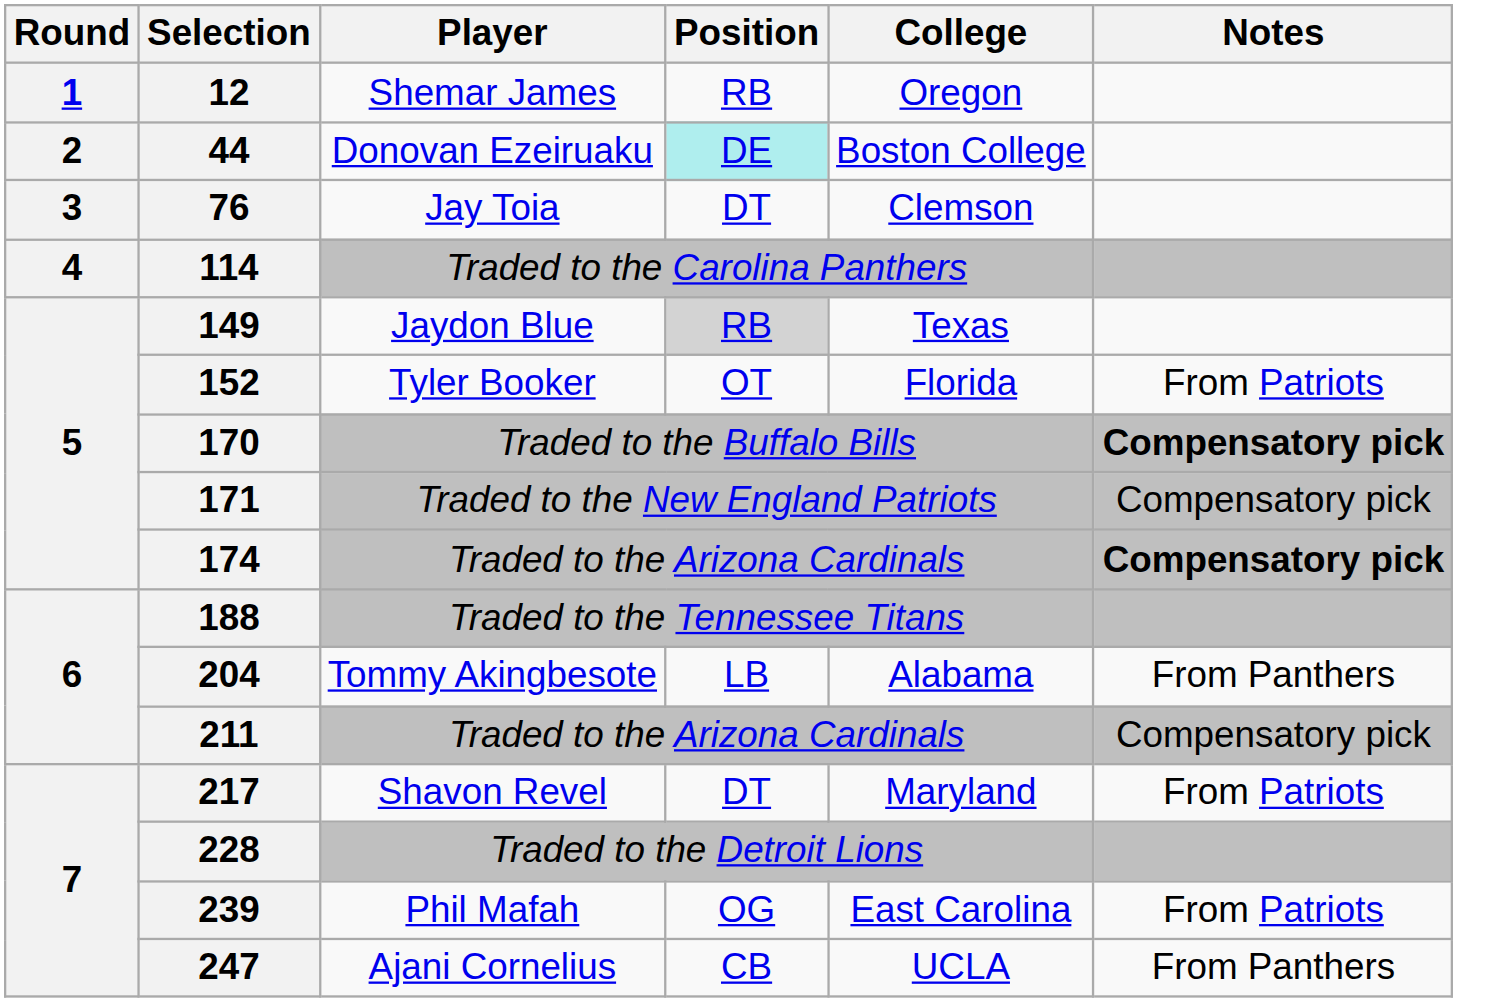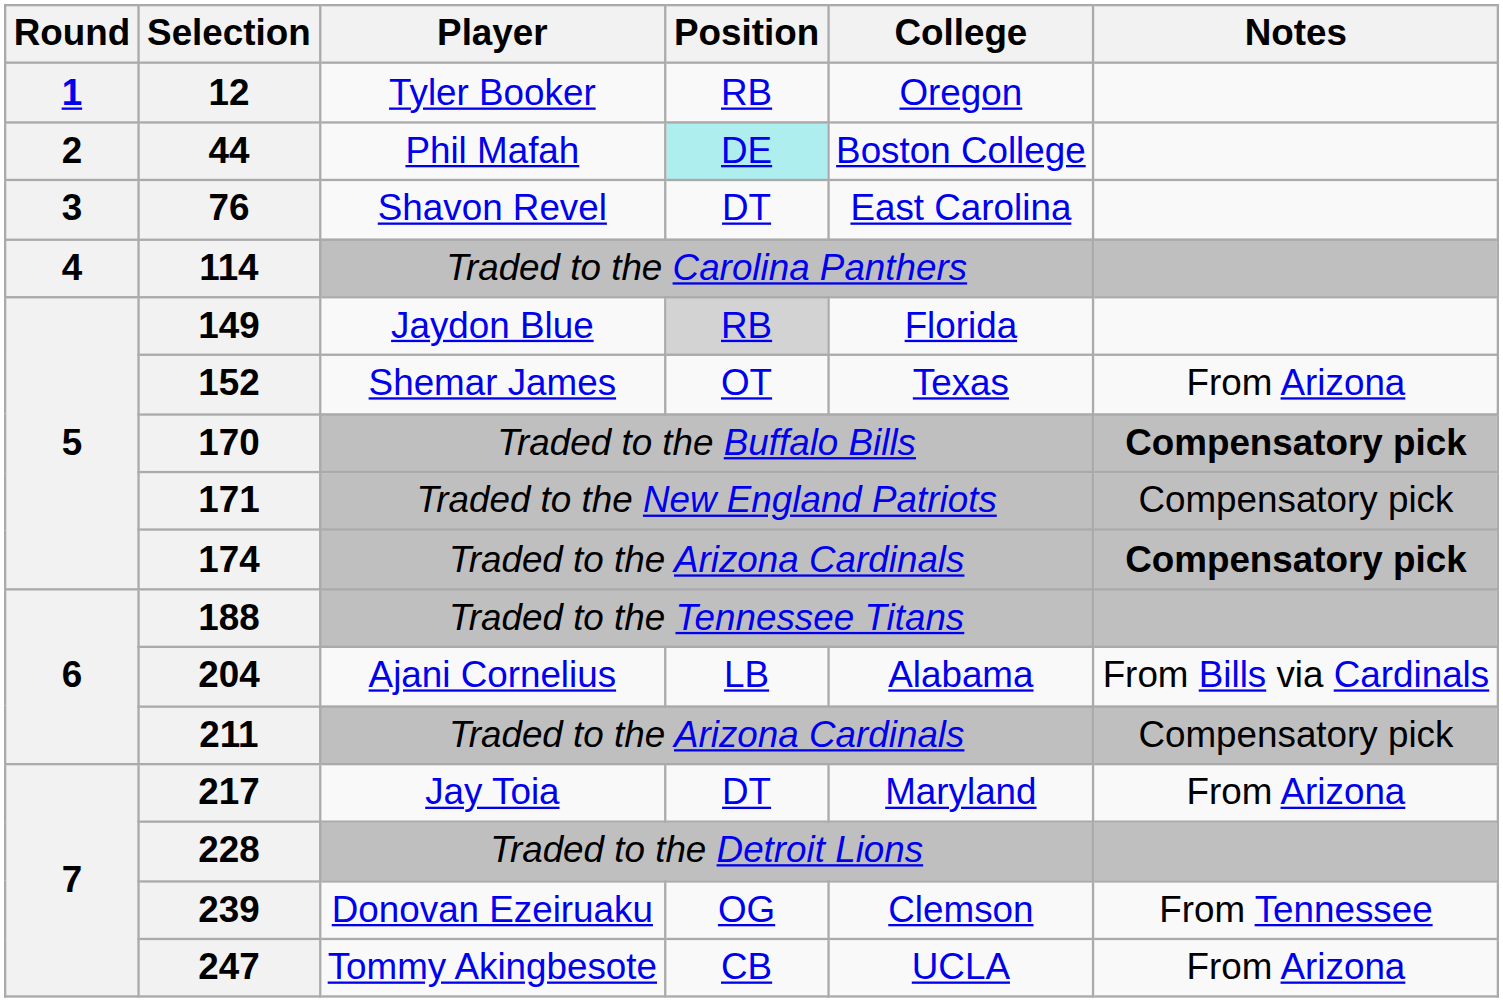 <table class="wikitable" style="text-align:center">
 <tr>
 <th>Round</th>
 <th>Selection</th>
 <th>Player</th>
 <th>Position</th>
 <th>College</th>
 <th>Notes</th>
 </tr>
 <tr>
 <th><a href='#'>1</a></th>
 <th>12</th>
-<td><a href='#'>Shemar James</a></td>
+<td><a href='#'>Tyler Booker</a></td>
 <td><a href='#'>RB</a></td>
 <td><a href='#'>Oregon</a></td>
 <td></td>
 </tr>
 <tr>
 <th>2</th>
 <th>44</th>
-<td><a href='#'>Donovan Ezeiruaku</a></td>
+<td><a href='#'>Phil Mafah</a></td>
 <td style="background: paleturquoise;"><a href='#'>DE</a></td>
 <td><a href='#'>Boston College</a></td>
 <td></td>
 </tr>
 <tr>
 <th>3</th>
 <th>76</th>
-<td><a href='#'>Jay Toia</a></td>
+<td><a href='#'>Shavon Revel</a></td>
 <td><a href='#'>DT</a></td>
-<td><a href='#'>Clemson</a></td>
+<td><a href='#'>East Carolina</a></td>
 <td></td>
 </tr>
 <tr>
 <th>4</th>
 <th>114</th>
 <td colspan="3" style="background:#BFBFBF"><em>Traded to the <a href='#'>Carolina Panthers</a></em></td>
 <td style="background:#BFBFBF"></td>
 </tr>
 <tr>
 <th rowspan="5">5</th>
 <th>149</th>
 <td><a href='#'>Jaydon Blue</a></td>
 <td style="background: lightgrey;"><a href='#'>RB</a></td>
-<td><a href='#'>Texas</a></td>
+<td><a href='#'>Florida</a></td>
 <td></td>
 </tr>
 <tr>
 <th>152</th>
-<td><a href='#'>Tyler Booker</a></td>
+<td><a href='#'>Shemar James</a></td>
 <td><a href='#'>OT</a></td>
-<td><a href='#'>Florida</a></td>
-<td>From <a href='#'>Patriots</a></td>
+<td><a href='#'>Texas</a></td>
+<td>From <a href='#'>Arizona</a></td>
 </tr>
 <tr>
 <th>170</th>
 <td colspan="3" style="background:#BFBFBF"><em>Traded to the <a href='#'>Buffalo Bills</a></em></td>
 <td style="background:#BFBFBF"><strong>Compensatory pick</strong></td>
 </tr>
 <tr>
 <th>171</th>
 <td colspan="3" style="background:#BFBFBF"><em>Traded to the <a href='#'>New England Patriots</a></em></td>
 <td style="background:#BFBFBF">Compensatory pick</td>
 </tr>
 <tr>
 <th>174</th>
 <td colspan="3" style="background:#BFBFBF"><em>Traded to the <a href='#'>Arizona Cardinals</a></em></td>
 <td style="background:#BFBFBF"><strong>Compensatory pick</strong></td>
 </tr>
 <tr>
 <th rowspan="3">6</th>
 <th>188</th>
 <td colspan="3" style="background:#BFBFBF"><em>Traded to the <a href='#'>Tennessee Titans</a></em></td>
 <td style="background:#BFBFBF"></td>
 </tr>
 <tr>
 <th>204</th>
-<td><a href='#'>Tommy Akingbesote</a></td>
+<td><a href='#'>Ajani Cornelius</a></td>
 <td><a href='#'>LB</a></td>
 <td><a href='#'>Alabama</a></td>
-<td>From Panthers</td>
+<td>From <a href='#'>Bills</a> via <a href='#'>Cardinals</a></td>
 </tr>
 <tr>
 <th>211</th>
 <td colspan="3" style="background:#BFBFBF"><em>Traded to the <a href='#'>Arizona Cardinals</a></em></td>
 <td style="background:#BFBFBF">Compensatory pick</td>
 </tr>
 <tr>
 <th rowspan="4">7</th>
 <th>217</th>
-<td><a href='#'>Shavon Revel</a></td>
+<td><a href='#'>Jay Toia</a></td>
 <td><a href='#'>DT</a></td>
 <td><a href='#'>Maryland</a></td>
-<td>From <a href='#'>Patriots</a></td>
+<td>From <a href='#'>Arizona</a></td>
 </tr>
 <tr>
 <th>228</th>
 <td colspan="3" style="background:#BFBFBF"><em>Traded to the <a href='#'>Detroit Lions</a></em></td>
 <td style="background:#BFBFBF"></td>
 </tr>
 <tr>
 <th>239</th>
-<td><a href='#'>Phil Mafah</a></td>
+<td><a href='#'>Donovan Ezeiruaku</a></td>
 <td><a href='#'>OG</a></td>
-<td><a href='#'>East Carolina</a></td>
-<td>From <a href='#'>Patriots</a></td>
+<td><a href='#'>Clemson</a></td>
+<td>From <a href='#'>Tennessee</a></td>
 </tr>
 <tr>
 <th>247</th>
-<td><a href='#'>Ajani Cornelius</a></td>
+<td><a href='#'>Tommy Akingbesote</a></td>
 <td><a href='#'>CB</a></td>
 <td><a href='#'>UCLA</a></td>
-<td>From Panthers</td>
+<td>From <a href='#'>Arizona</a></td>
 </tr>
 </table>
